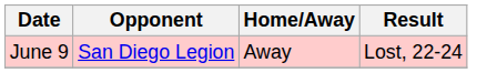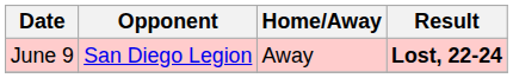 <table class="wikitable">
 <tr>
 <th>Date</th>
 <th>Opponent</th>
 <th>Home/Away</th>
 <th>Result</th>
 </tr>
 <tr bgcolor="#FFCCCC">
 <td>June 9</td>
 <td><a href='#'>San Diego Legion</a></td>
 <td>Away</td>
-<td>Lost, 22-24</td>
+<td><strong>Lost, 22-24</strong></td>
 </tr>
 <tr>
 </tr>
 </table>
